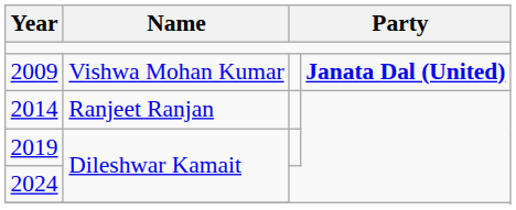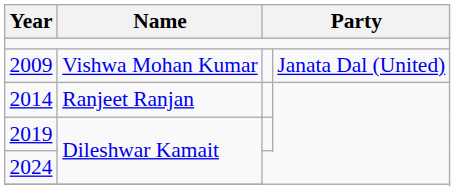 <table class="wikitable">
 <tr>
 <th>Year</th>
 <th>Name</th>
 <th colspan="2">Party</th>
 </tr>
 <tr>
 <td colspan="4"></td>
 </tr>
 <tr>
 <td><a href='#'>2009</a></td>
 <td><a href='#'>Vishwa Mohan Kumar</a></td>
 <td style="background-color: "></td>
-<td><strong><a href='#'>Janata Dal (United)</a></strong></td>
+<td><a href='#'>Janata Dal (United)</a></td>
 </tr>
 <tr>
 <td><a href='#'>2014</a></td>
 <td><a href='#'>Ranjeet Ranjan</a></td>
 <td></td>
 </tr>
 <tr>
 <td><a href='#'>2019</a></td>
 <td rowspan="2"><a href='#'>Dileshwar Kamait</a></td>
 <td></td>
 </tr>
 <tr>
 <td><a href='#'>2024</a></td>
 </tr>
 <tr>
 </tr>
 </table>
